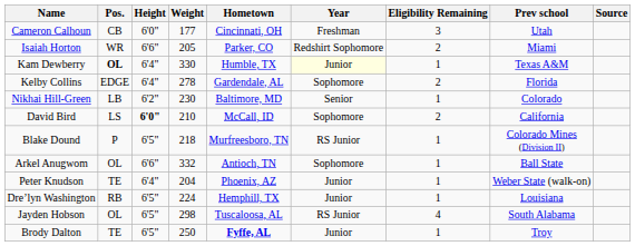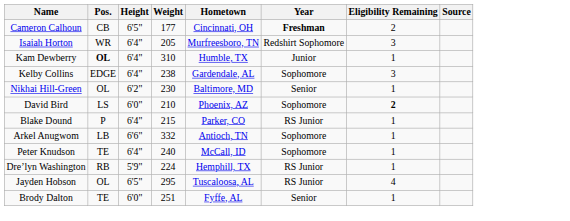 <table class="wikitable sortable">
 <tr>
 <th style="text-align:center; ">Name</th>
 <th style="text-align:center; ">Pos.</th>
 <th style="text-align:center; ">Height</th>
 <th style="text-align:center; ">Weight</th>
 <th style="text-align:center; ">Hometown</th>
 <th style="text-align:center; ">Year</th>
 <th style="text-align:center; ">Eligibility Remaining</th>
-<th style="text-align:center; ">Prev school</th>
 <th style="text-align:center; ">Source</th>
 </tr>
 <tr align="center">
 <td><a href='#'>Cameron Calhoun</a></td>
 <td>CB</td>
-<td>6'0"</td>
+<td>6'5"</td>
 <td>177</td>
 <td><a href='#'>Cincinnati, OH</a></td>
-<td>Freshman</td>
-<td>3</td>
-<td><a href='#'>Utah</a></td>
+<td><strong>Freshman</strong></td>
+<td>2</td>
 <td></td>
 </tr>
 <tr align="center">
 <td><a href='#'>Isaiah Horton</a></td>
 <td>WR</td>
-<td>6'6"</td>
+<td>6'4"</td>
 <td>205</td>
-<td><a href='#'>Parker, CO</a></td>
+<td><a href='#'>Murfreesboro, TN</a></td>
 <td>Redshirt Sophomore</td>
-<td>2</td>
-<td><a href='#'>Miami</a></td>
+<td>3</td>
 <td></td>
 </tr>
 <tr align="center">
 <td>Kam Dewberry</td>
 <td><strong>OL</strong></td>
 <td>6'4"</td>
-<td>330</td>
+<td>310</td>
 <td><a href='#'>Humble, TX</a></td>
-<td style="background: lightyellow;">Junior</td>
+<td>Junior</td>
 <td>1</td>
-<td><a href='#'>Texas A&M</a></td>
 <td></td>
 </tr>
 <tr align="center">
 <td>Kelby Collins</td>
 <td>EDGE</td>
 <td>6'4"</td>
-<td>278</td>
+<td>238</td>
 <td><a href='#'>Gardendale, AL</a></td>
 <td>Sophomore</td>
-<td>2</td>
-<td><a href='#'>Florida</a></td>
+<td>3</td>
 <td></td>
 </tr>
 <tr align="center">
 <td><a href='#'>Nikhai Hill-Green</a></td>
-<td>LB</td>
+<td>OL</td>
 <td>6'2"</td>
 <td>230</td>
 <td><a href='#'>Baltimore, MD</a></td>
 <td>Senior</td>
 <td>1</td>
-<td><a href='#'>Colorado</a></td>
 <td></td>
 </tr>
 <tr align="center">
 <td>David Bird</td>
 <td>LS</td>
-<td><strong>6'0"</strong></td>
+<td>6'0"</td>
 <td>210</td>
-<td><a href='#'>McCall, ID</a></td>
+<td><a href='#'>Phoenix, AZ</a></td>
 <td>Sophomore</td>
-<td>2</td>
-<td><a href='#'>California</a></td>
+<td><strong>2</strong></td>
 <td></td>
 </tr>
 <tr align="center">
 <td>Blake Dound</td>
 <td>P</td>
-<td>6'5"</td>
-<td>218</td>
-<td><a href='#'>Murfreesboro, TN</a></td>
+<td>6'4"</td>
+<td>215</td>
+<td><a href='#'>Parker, CO</a></td>
 <td>RS Junior</td>
 <td>1</td>
-<td><a href='#'>Colorado Mines</a> <br><small>(<a href='#'>Division II</a>)</small></td>
 <td></td>
 </tr>
 <tr align="center">
 <td>Arkel Anugwom</td>
-<td>OL</td>
+<td>LB</td>
 <td>6'6"</td>
 <td>332</td>
 <td><a href='#'>Antioch, TN</a></td>
 <td>Sophomore</td>
 <td>1</td>
-<td><a href='#'>Ball State</a></td>
 <td></td>
 </tr>
 <tr align="center">
 <td>Peter Knudson</td>
 <td>TE</td>
 <td>6'4"</td>
-<td>204</td>
-<td><a href='#'>Phoenix, AZ</a></td>
-<td>Junior</td>
+<td>240</td>
+<td><a href='#'>McCall, ID</a></td>
+<td>Sophomore</td>
 <td>1</td>
-<td><a href='#'>Weber State</a> (walk-on)</td>
 <td></td>
 </tr>
 <tr align="center">
 <td>Dre’lyn Washington</td>
 <td>RB</td>
-<td>6'5"</td>
+<td>5'9"</td>
 <td>224</td>
 <td><a href='#'>Hemphill, TX</a></td>
-<td>Junior</td>
+<td>RS Junior</td>
 <td>1</td>
-<td><a href='#'>Louisiana</a></td>
 <td></td>
 </tr>
 <tr align="center">
 <td>Jayden Hobson</td>
 <td>OL</td>
 <td>6'5"</td>
-<td>298</td>
+<td>295</td>
 <td><a href='#'>Tuscaloosa, AL</a></td>
 <td>RS Junior</td>
 <td>4</td>
-<td><a href='#'>South Alabama</a></td>
 <td></td>
 </tr>
 <tr align="center">
 <td>Brody Dalton</td>
 <td>TE</td>
-<td>6'5"</td>
-<td>250</td>
-<td><strong><a href='#'>Fyffe, AL</a></strong></td>
-<td>Junior</td>
+<td>6'0"</td>
+<td>251</td>
+<td><a href='#'>Fyffe, AL</a></td>
+<td>Senior</td>
 <td>1</td>
-<td><a href='#'>Troy</a></td>
 <td></td>
 </tr>
 </table>
